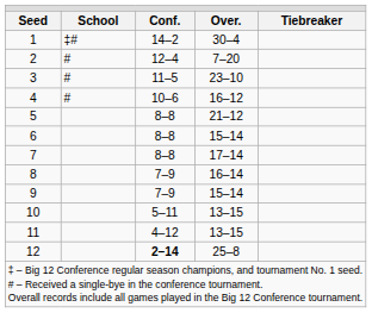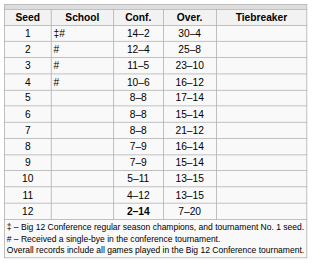 <table class="wikitable" style="white-space:nowrap; font-size:90%;text-align:center">
 <tr>
 <td colspan="10" style="text-align:center; background:#DDDDDD; font:#000000"><strong></strong></td>
 </tr>
 <tr bgcolor="#efefef">
 <th>Seed</th>
 <th>School</th>
 <th>Conf.</th>
 <th>Over.</th>
 <th>Tiebreaker</th>
 </tr>
 <tr>
 <td>1</td>
 <td align=left> ‡#</td>
 <td>14–2</td>
 <td>30–4</td>
 <td></td>
 </tr>
 <tr>
 <td>2</td>
 <td align=left> #</td>
 <td>12–4</td>
-<td>7–20</td>
+<td>25–8</td>
 <td></td>
 </tr>
 <tr>
 <td>3</td>
 <td align=left> #</td>
 <td>11–5</td>
 <td>23–10</td>
 <td></td>
 </tr>
 <tr>
 <td>4</td>
 <td align=left> #</td>
 <td>10–6</td>
 <td>16–12</td>
 <td></td>
 </tr>
 <tr>
 <td>5</td>
 <td align=left></td>
 <td>8–8</td>
-<td>21–12</td>
+<td>17–14</td>
 <td></td>
 </tr>
 <tr>
 <td>6</td>
 <td align=left></td>
 <td>8–8</td>
 <td>15–14</td>
 <td></td>
 </tr>
 <tr>
 <td>7</td>
 <td align=left></td>
 <td>8–8</td>
-<td>17–14</td>
+<td>21–12</td>
 <td></td>
 </tr>
 <tr>
 <td>8</td>
 <td align=left></td>
 <td>7–9</td>
 <td>16–14</td>
 <td></td>
 </tr>
 <tr>
 <td>9</td>
 <td align=left></td>
 <td>7–9</td>
 <td>15–14</td>
 <td></td>
 </tr>
 <tr>
 <td>10</td>
 <td align=left></td>
 <td>5–11</td>
 <td>13–15</td>
 <td></td>
 </tr>
 <tr>
 <td>11</td>
 <td align=left></td>
 <td>4–12</td>
 <td>13–15</td>
 <td></td>
 </tr>
 <tr>
 <td>12</td>
 <td align=left></td>
 <td><strong>2–14</strong></td>
-<td>25–8</td>
+<td>7–20</td>
 <td></td>
 </tr>
 <tr>
 <td colspan="10" style="text-align:left;"><small>‡ – Big 12 Conference regular season champions, and tournament No. 1 seed.<br># – Received a single-bye in the conference tournament.<br>Overall records include all games played in the Big 12 Conference tournament.</small></td>
 </tr>
 </table>
